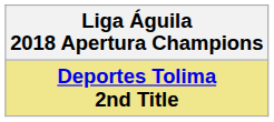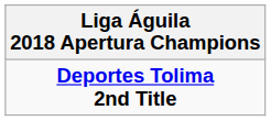 <table class="wikitable" style="text-align: center; margin: 0 auto;">
 <tr>
 <th>Liga Águila<br>2018 Apertura Champions</th>
 </tr>
 <tr>
-<td style="background: khaki;"><strong><a href='#'>Deportes Tolima</a></strong><br><strong>2nd Title</strong></td>
+<td><strong><a href='#'>Deportes Tolima</a></strong><br><strong>2nd Title</strong></td>
 </tr>
 </table>
